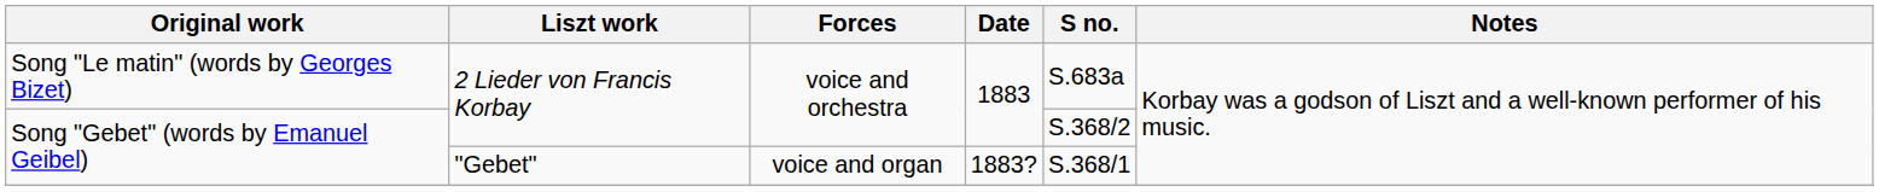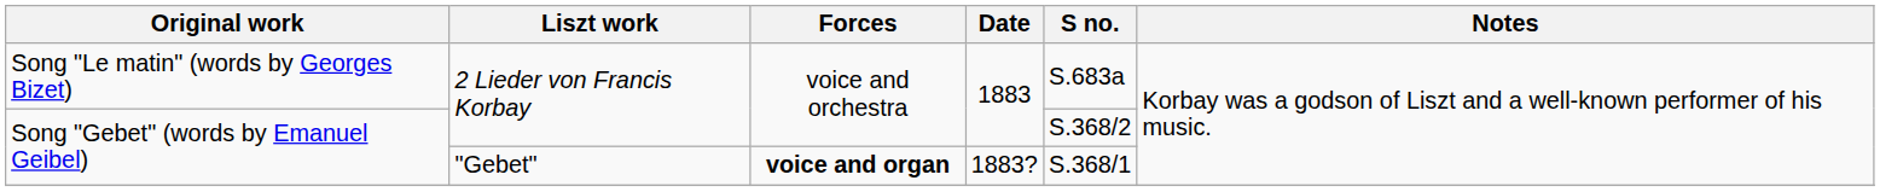 <table class="wikitable">
 <tr>
 <th>Original work</th>
 <th>Liszt work</th>
 <th>Forces</th>
 <th>Date</th>
 <th>S no.</th>
 <th>Notes</th>
 </tr>
 <tr>
 <td>Song "Le matin" (words by <a href='#'>Georges Bizet</a>)</td>
 <td rowspan=2><em>2 Lieder von Francis Korbay</em></td>
 <td rowspan=2 style="text-align: center">voice and orchestra</td>
 <td rowspan=2 style="text-align: center">1883</td>
 <td>S.683a</td>
 <td rowspan=3>Korbay was a godson of Liszt and a well-known performer of his music.</td>
 </tr>
 <tr>
 <td rowspan=2>Song "Gebet" (words by <a href='#'>Emanuel Geibel</a>)</td>
 <td>S.368/2</td>
 </tr>
 <tr>
 <td>"Gebet"</td>
-<td style="text-align: center">voice and organ</td>
+<td style="text-align: center"><strong>voice and organ</strong></td>
 <td style="text-align: center">1883?</td>
 <td>S.368/1</td>
 </tr>
 <tr>
 </tr>
 </table>
